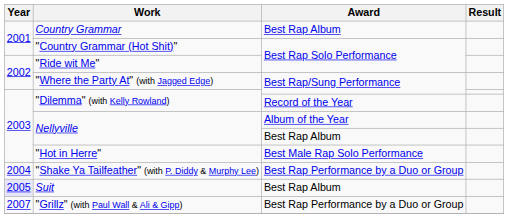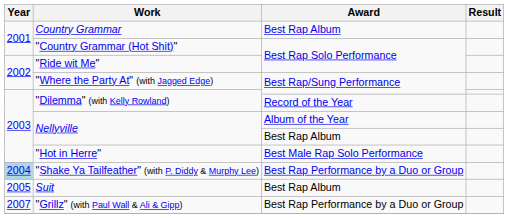 <table class="wikitable">
 <tr>
 <th>Year</th>
 <th>Work</th>
 <th>Award</th>
 <th>Result</th>
 </tr>
 <tr>
 <td rowspan="2"><a href='#'>2001</a></td>
 <td><em><a href='#'>Country Grammar</a></em></td>
 <td><a href='#'>Best Rap Album</a></td>
 <td></td>
 </tr>
 <tr>
 <td>"<a href='#'>Country Grammar (Hot Shit)</a>"</td>
 <td rowspan="2"><a href='#'>Best Rap Solo Performance</a></td>
 <td></td>
 </tr>
 <tr>
 <td rowspan="2"><a href='#'>2002</a></td>
 <td>"<a href='#'>Ride wit Me</a>"</td>
 <td></td>
 </tr>
 <tr>
 <td>"<a href='#'>Where the Party At</a>" <small>(with <a href='#'>Jagged Edge</a>)</small></td>
 <td rowspan="2"><a href='#'>Best Rap/Sung Performance</a></td>
 <td></td>
 </tr>
 <tr>
 <td rowspan="5"><a href='#'>2003</a></td>
 <td rowspan="2">"<a href='#'>Dilemma</a>" <small>(with <a href='#'>Kelly Rowland</a>)</small></td>
 <td></td>
 </tr>
 <tr>
 <td><a href='#'>Record of the Year</a></td>
 <td></td>
 </tr>
 <tr>
 <td rowspan="2"><em><a href='#'>Nellyville</a></em></td>
 <td><a href='#'>Album of the Year</a></td>
 <td></td>
 </tr>
 <tr>
 <td>Best Rap Album</td>
 <td></td>
 </tr>
 <tr>
 <td>"<a href='#'>Hot in Herre</a>"</td>
 <td><a href='#'>Best Male Rap Solo Performance</a></td>
 <td></td>
 </tr>
 <tr>
-<td><a href='#'>2004</a></td>
+<td style="background: lightblue;"><a href='#'>2004</a></td>
 <td>"<a href='#'>Shake Ya Tailfeather</a>" <small>(with <a href='#'>P. Diddy</a> & <a href='#'>Murphy Lee</a>)</small></td>
 <td><a href='#'>Best Rap Performance by a Duo or Group</a></td>
 <td></td>
 </tr>
 <tr>
-<td style="background: lavender;"><a href='#'>2005</a></td>
+<td><a href='#'>2005</a></td>
 <td><em><a href='#'>Suit</a></em></td>
 <td>Best Rap Album</td>
 <td></td>
 </tr>
 <tr>
 <td><a href='#'>2007</a></td>
 <td>"<a href='#'>Grillz</a>" <small>(with <a href='#'>Paul Wall</a> & <a href='#'>Ali & Gipp</a>)</small></td>
 <td>Best Rap Performance by a Duo or Group</td>
 <td></td>
 </tr>
 <tr>
 </tr>
 </table>
